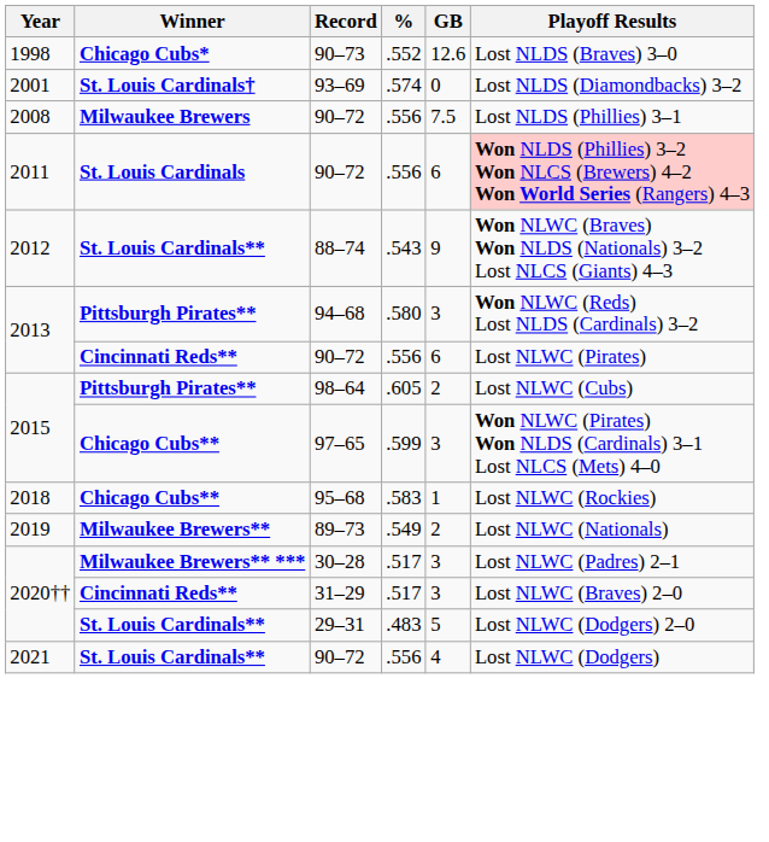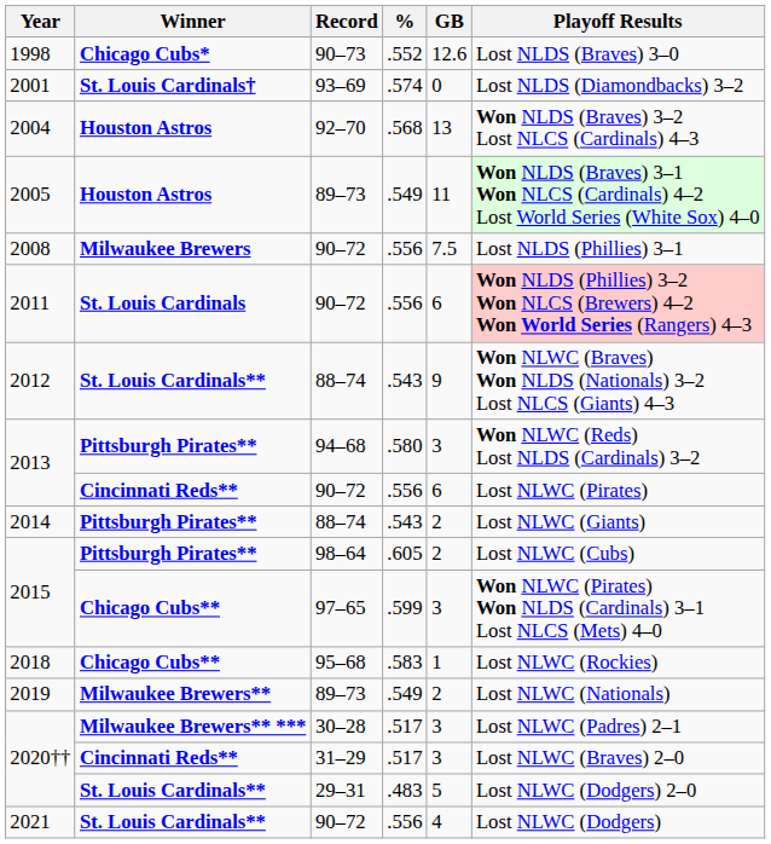 <table class="wikitable">
 <tr>
 <th>Year</th>
 <th>Winner</th>
 <th>Record</th>
 <th>%</th>
 <th>GB</th>
 <th>Playoff Results</th>
 </tr>
 <tr>
 <td>1998</td>
 <td><strong><a href='#'><span>Chicago Cubs*</span></a></strong></td>
 <td>90–73</td>
 <td>.552</td>
 <td>12.6</td>
 <td>Lost <a href='#'>NLDS</a> (<a href='#'>Braves</a>) 3–0</td>
 </tr>
 <tr>
 <td>2001</td>
 <td><strong><a href='#'><span>St. Louis Cardinals†</span></a></strong></td>
 <td>93–69</td>
 <td>.574</td>
 <td>0</td>
 <td>Lost <a href='#'>NLDS</a> (<a href='#'>Diamondbacks</a>) 3–2</td>
+</tr>
+<tr>
+<td>2004</td>
+<td><strong><a href='#'><span>Houston Astros</span></a></strong></td>
+<td>92–70</td>
+<td>.568</td>
+<td>13</td>
+<td><strong>Won</strong> <a href='#'>NLDS</a> (<a href='#'>Braves</a>) 3–2<br>Lost <a href='#'>NLCS</a> (<a href='#'>Cardinals</a>) 4–3</td>
+</tr>
+<tr>
+<td>2005</td>
+<td><strong><a href='#'><span>Houston Astros</span></a></strong></td>
+<td>89–73</td>
+<td>.549</td>
+<td>11</td>
+<td bgcolor="#ddffdd"><strong>Won</strong> <a href='#'>NLDS</a> (<a href='#'>Braves</a>) 3–1<br><strong>Won</strong> <a href='#'>NLCS</a> (<a href='#'>Cardinals</a>) 4–2<br>Lost <a href='#'>World Series</a> (<a href='#'>White Sox</a>) 4–0</td>
 </tr>
 <tr>
 <td>2008</td>
 <td><strong><a href='#'><span>Milwaukee Brewers</span></a></strong></td>
 <td>90–72</td>
 <td>.556</td>
 <td>7.5</td>
 <td>Lost <a href='#'>NLDS</a> (<a href='#'>Phillies</a>) 3–1</td>
 </tr>
 <tr>
 <td>2011</td>
 <td><strong><a href='#'><span>St. Louis Cardinals</span></a></strong></td>
 <td>90–72</td>
 <td>.556</td>
 <td>6</td>
 <td bgcolor="#ffcccc"><strong>Won</strong> <a href='#'>NLDS</a> (<a href='#'>Phillies</a>) 3–2<br><strong>Won</strong> <a href='#'>NLCS</a> (<a href='#'>Brewers</a>) 4–2<br><strong>Won <a href='#'>World Series</a></strong> (<a href='#'>Rangers</a>) 4–3</td>
 </tr>
 <tr>
 <td>2012</td>
 <td><strong><a href='#'><span>St. Louis Cardinals**</span></a></strong></td>
 <td>88–74</td>
 <td>.543</td>
 <td>9</td>
 <td><strong>Won</strong> <a href='#'>NLWC</a> (<a href='#'>Braves</a>)<br><strong>Won</strong> <a href='#'>NLDS</a> (<a href='#'>Nationals</a>) 3–2<br>Lost <a href='#'>NLCS</a> (<a href='#'>Giants</a>) 4–3</td>
 </tr>
 <tr>
 <td rowspan=2>2013</td>
 <td><strong><a href='#'><span>Pittsburgh Pirates**</span></a></strong></td>
 <td>94–68</td>
 <td>.580</td>
 <td>3</td>
 <td><strong>Won</strong> <a href='#'>NLWC</a> (<a href='#'>Reds</a>)<br>Lost <a href='#'>NLDS</a> (<a href='#'>Cardinals</a>) 3–2</td>
 </tr>
 <tr>
 <td><strong><a href='#'><span>Cincinnati Reds**</span></a></strong></td>
 <td>90–72</td>
 <td>.556</td>
 <td>6</td>
 <td>Lost <a href='#'>NLWC</a> (<a href='#'>Pirates</a>)</td>
+</tr>
+<tr>
+<td>2014</td>
+<td><strong><a href='#'><span>Pittsburgh Pirates**</span></a></strong></td>
+<td>88–74</td>
+<td>.543</td>
+<td>2</td>
+<td>Lost <a href='#'>NLWC</a> (<a href='#'>Giants</a>)</td>
 </tr>
 <tr>
 <td rowspan=2>2015</td>
 <td><strong><a href='#'><span>Pittsburgh Pirates**</span></a></strong></td>
 <td>98–64</td>
 <td>.605</td>
 <td>2</td>
 <td>Lost <a href='#'>NLWC</a> (<a href='#'>Cubs</a>)</td>
 </tr>
 <tr>
 <td><strong><a href='#'><span>Chicago Cubs**</span></a></strong></td>
 <td>97–65</td>
 <td>.599</td>
 <td>3</td>
 <td><strong>Won</strong> <a href='#'>NLWC</a> (<a href='#'>Pirates</a>)<br><strong>Won</strong> <a href='#'>NLDS</a> (<a href='#'>Cardinals</a>) 3–1<br>Lost <a href='#'>NLCS</a> (<a href='#'>Mets</a>) 4–0</td>
 </tr>
 <tr>
 <td>2018</td>
 <td><strong><a href='#'><span>Chicago Cubs**</span></a></strong></td>
 <td>95–68</td>
 <td>.583</td>
 <td>1</td>
 <td>Lost <a href='#'>NLWC</a> (<a href='#'>Rockies</a>)</td>
 </tr>
 <tr>
 <td>2019</td>
 <td><strong><a href='#'><span>Milwaukee Brewers**</span></a></strong></td>
 <td>89–73</td>
 <td>.549</td>
 <td>2</td>
 <td>Lost <a href='#'>NLWC</a> (<a href='#'>Nationals</a>)</td>
 </tr>
 <tr>
 <td rowspan=3>2020††</td>
 <td><strong><a href='#'><span>Milwaukee Brewers** ***</span></a></strong></td>
 <td>30–28</td>
 <td>.517</td>
 <td>3</td>
 <td>Lost <a href='#'>NLWC</a> (<a href='#'>Padres</a>) 2–1</td>
 </tr>
 <tr>
 <td><strong><a href='#'><span>Cincinnati Reds**</span></a></strong></td>
 <td>31–29</td>
 <td>.517</td>
 <td>3</td>
 <td>Lost <a href='#'>NLWC</a> (<a href='#'>Braves</a>) 2–0</td>
 </tr>
 <tr>
 <td><strong><a href='#'><span>St. Louis Cardinals**</span></a></strong></td>
 <td>29–31</td>
 <td>.483</td>
 <td>5</td>
 <td>Lost <a href='#'>NLWC</a> (<a href='#'>Dodgers</a>) 2–0</td>
 </tr>
 <tr>
 <td>2021</td>
 <td><strong><a href='#'><span>St. Louis Cardinals**</span></a></strong></td>
 <td>90–72</td>
 <td>.556</td>
 <td>4</td>
 <td>Lost <a href='#'>NLWC</a> (<a href='#'>Dodgers</a>)</td>
 </tr>
 </table>
